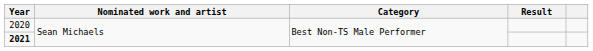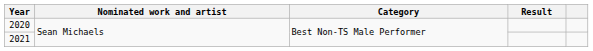 <table class="wikitable" style="width:70%;">
 <tr>
 <th width=4%>Year</th>
 <th style="width:35%;">Nominated work and artist</th>
 <th style="width:30%;">Category</th>
 <th style="width:8%;">Result</th>
 <th width=3%></th>
 </tr>
 <tr>
 <td style="text-align:center;">2020</td>
 <td rowspan="2">Sean Michaels</td>
 <td rowspan="2">Best Non-TS Male Performer</td>
 <td></td>
 <td style="text-align:center;"></td>
 </tr>
 <tr>
-<td style="text-align:center;"><strong>2021</strong></td>
+<td style="text-align:center;">2021</td>
 <td></td>
 <td style="text-align:center;"></td>
 </tr>
 </table>
